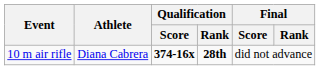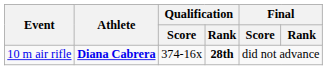 <table class="wikitable" style="font-size:90%">
 <tr>
 <th rowspan="2">Event</th>
 <th rowspan="2">Athlete</th>
 <th colspan="2">Qualification</th>
 <th colspan="2">Final</th>
 </tr>
 <tr>
 <th>Score</th>
 <th>Rank</th>
 <th>Score</th>
 <th>Rank</th>
 </tr>
 <tr>
 <td><a href='#'>10 m air rifle</a></td>
-<td><a href='#'>Diana Cabrera</a></td>
-<td align=center><strong>374-16x</strong></td>
+<td><strong><a href='#'>Diana Cabrera</a></strong></td>
+<td align=center>374-16x</td>
 <td align=center><strong>28th</strong></td>
 <td align=center colspan=2>did not advance</td>
 </tr>
 </table>
